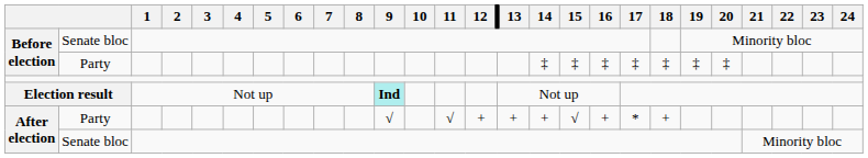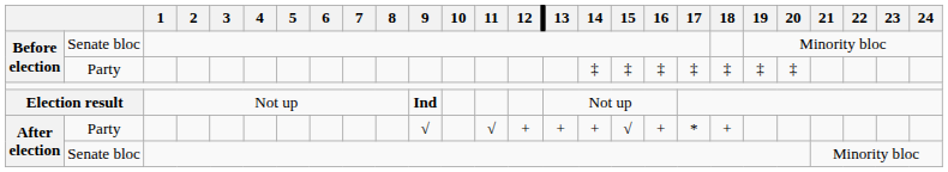 <table class="wikitable" style="text-align:center; font-size:95%">
 <tr>
 <th colspan="2"></th>
 <th width="25px">1</th>
 <th width="25px">2</th>
 <th width="25px">3</th>
 <th width="25px">4</th>
 <th width="25px">5</th>
 <th width="25px">6</th>
 <th width="25px">7</th>
 <th width="25px">8</th>
 <th width="25px">9</th>
 <th width="25px">10</th>
 <th width="25px">11</th>
 <th width="25px">12</th>
 <th width="25px" style="border-left:5px solid black;">13</th>
 <th width="25px">14</th>
 <th width="25px">15</th>
 <th width="25px">16</th>
 <th width="25px">17</th>
 <th width="25px">18</th>
 <th width="25px">19</th>
 <th width="25px">20</th>
 <th width="25px">21</th>
 <th width="25px">22</th>
 <th width="25px">23</th>
 <th width="25px">24</th>
 </tr>
 <tr>
 <th rowspan="2">Before<br>election</th>
 <td>Senate bloc</td>
 <td colspan="17"></td>
 <td></td>
 <td colspan="6">Minority bloc</td>
 </tr>
 <tr>
 <td>Party</td>
 <td></td>
 <td></td>
 <td></td>
 <td></td>
 <td></td>
 <td></td>
 <td></td>
 <td></td>
 <td></td>
 <td></td>
 <td></td>
 <td></td>
 <td></td>
 <td>‡</td>
 <td>‡</td>
 <td>‡</td>
 <td>‡</td>
 <td>‡</td>
 <td>‡</td>
 <td>‡</td>
 <td></td>
 <td></td>
 <td></td>
 <td></td>
 </tr>
 <tr>
 <td colspan="26"></td>
 </tr>
 <tr>
 <th colspan="2">Election result</th>
 <td colspan="8">Not up</td>
-<td style="background: paleturquoise;"><strong>Ind</strong></td>
+<td><strong>Ind</strong></td>
 <td><strong><a href='#'></a></strong></td>
 <td><strong><a href='#'></a></strong></td>
 <td><strong><a href='#'></a></strong></td>
 <td colspan="4">Not up</td>
 </tr>
 <tr>
 <th rowspan="2">After<br>election</th>
 <td>Party</td>
 <td></td>
 <td></td>
 <td></td>
 <td></td>
 <td></td>
 <td></td>
 <td></td>
 <td></td>
 <td>√</td>
 <td></td>
 <td>√</td>
 <td>+</td>
 <td>+</td>
 <td>+</td>
 <td>√</td>
 <td>+</td>
 <td>*</td>
 <td>+</td>
 <td></td>
 <td></td>
 <td></td>
 <td></td>
 <td></td>
 <td></td>
 </tr>
 <tr>
 <td>Senate bloc</td>
 <td colspan="20"></td>
 <td colspan="4">Minority bloc</td>
 </tr>
 </table>
